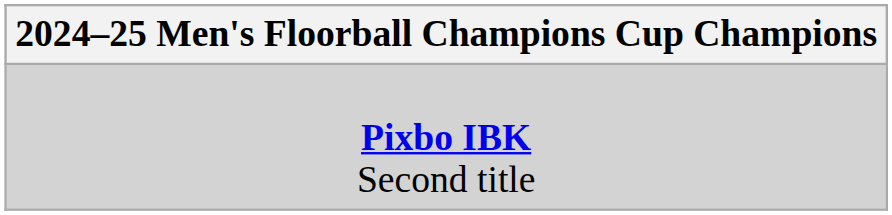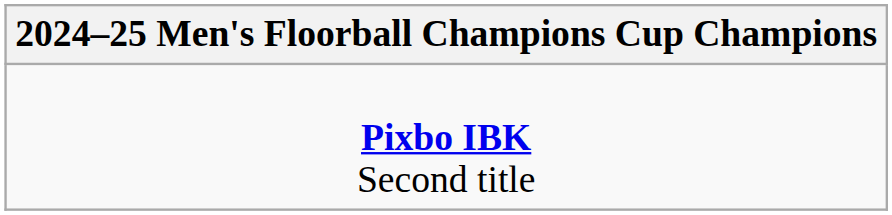 <table class=wikitable style="text-align:center; margin:auto">
 <tr>
 <th>2024–25 Men's Floorball Champions Cup Champions</th>
 </tr>
 <tr>
-<td style="background: lightgrey;"> <br><strong><a href='#'>Pixbo IBK</a></strong><br> Second title</td>
+<td> <br><strong><a href='#'>Pixbo IBK</a></strong><br> Second title</td>
 </tr>
 </table>
